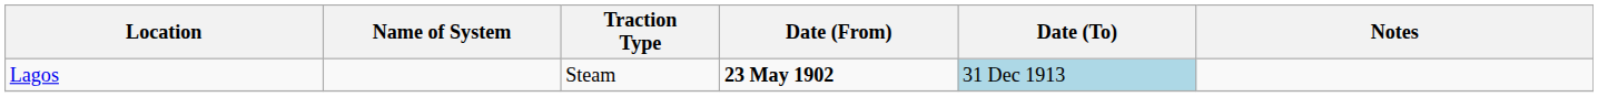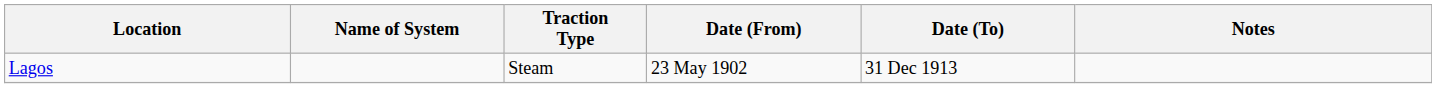 <table class="wikitable" style="width:100%;">
 <tr>
 <th style="width:20%;">Location</th>
 <th style="width:15%;">Name of System</th>
 <th style="width:10%;">Traction<br>Type</th>
 <th style="width:15%;">Date (From)</th>
 <th style="width:15%;">Date (To)</th>
 <th style="width:25%;">Notes</th>
 </tr>
 <tr>
 <td><a href='#'>Lagos</a></td>
 <td> </td>
 <td>Steam</td>
-<td><strong>23 May 1902</strong></td>
-<td style="background: lightblue;">31 Dec 1913</td>
+<td>23 May 1902</td>
+<td>31 Dec 1913</td>
 <td> </td>
 </tr>
 <tr>
 </tr>
 </table>
